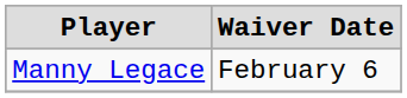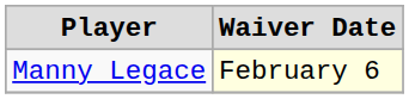 <table class="wikitable">
 <tr align="center"  bgcolor="#dddddd">
 <td><strong>Player</strong></td>
 <td><strong>Waiver Date</strong></td>
 </tr>
 <tr>
 <td><a href='#'>Manny Legace</a></td>
-<td>February 6</td>
+<td style="background: lightyellow;">February 6</td>
 </tr>
 <tr>
 </tr>
 </table>
